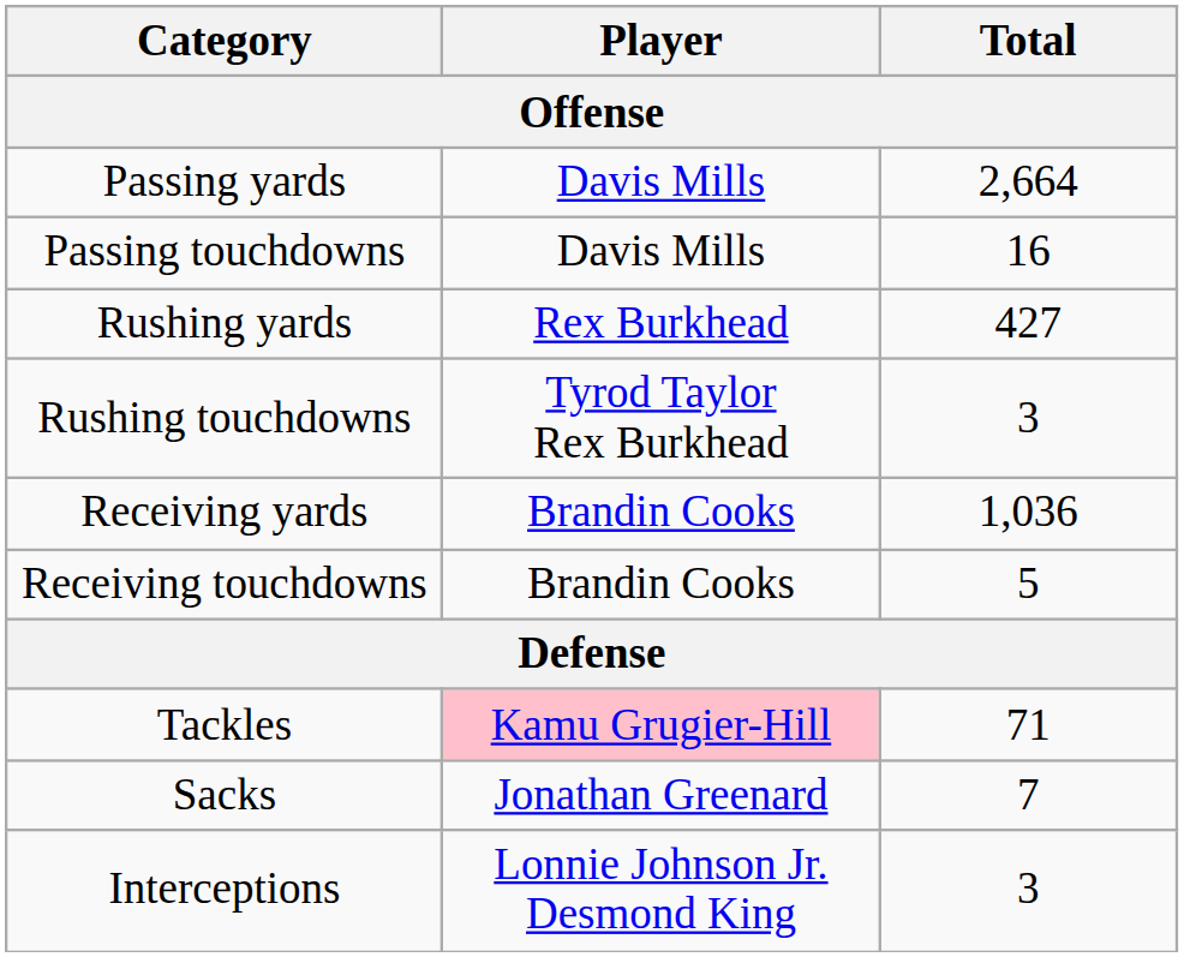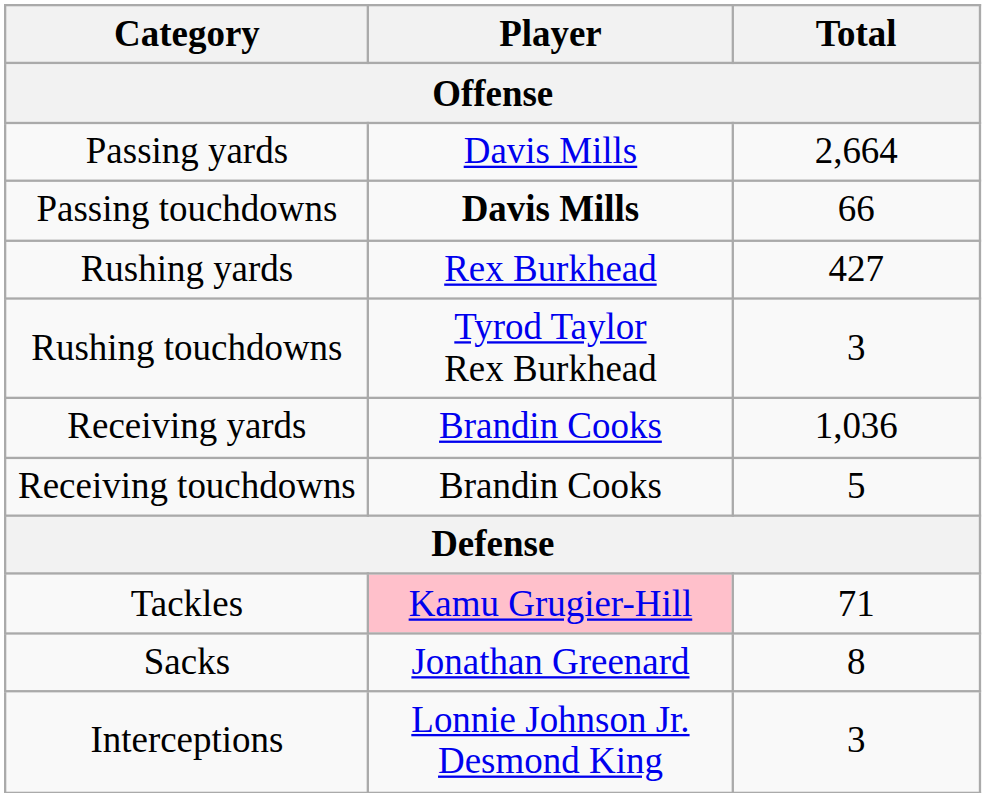 <table class="wikitable" style="text-align:center">
 <tr>
 <th width="150">Category</th>
 <th width="150">Player</th>
 <th width="100">Total</th>
 </tr>
 <tr>
 <th align="center" colspan="4">Offense</th>
 </tr>
 <tr>
 <td>Passing yards</td>
 <td><a href='#'>Davis Mills</a></td>
 <td>2,664</td>
 </tr>
 <tr>
 <td>Passing touchdowns</td>
-<td>Davis Mills</td>
-<td>16</td>
+<td><strong>Davis Mills</strong></td>
+<td>66</td>
 </tr>
 <tr>
 <td>Rushing yards</td>
 <td><a href='#'>Rex Burkhead</a></td>
 <td>427</td>
 </tr>
 <tr>
 <td>Rushing touchdowns</td>
 <td><a href='#'>Tyrod Taylor</a><br>Rex Burkhead</td>
 <td>3</td>
 </tr>
 <tr>
 <td>Receiving yards</td>
 <td><a href='#'>Brandin Cooks</a></td>
 <td>1,036</td>
 </tr>
 <tr>
 <td>Receiving touchdowns</td>
 <td>Brandin Cooks</td>
 <td>5</td>
 </tr>
 <tr>
 <th align="center" colspan="4">Defense</th>
 </tr>
 <tr>
 <td>Tackles </td>
 <td style="background: pink;"><a href='#'>Kamu Grugier-Hill</a></td>
 <td>71</td>
 </tr>
 <tr>
 <td>Sacks</td>
 <td><a href='#'>Jonathan Greenard</a></td>
-<td>7</td>
+<td>8</td>
 </tr>
 <tr>
 <td>Interceptions</td>
 <td><a href='#'>Lonnie Johnson Jr.</a><br><a href='#'>Desmond King</a></td>
 <td>3</td>
 </tr>
 </table>
